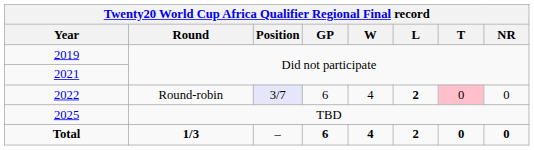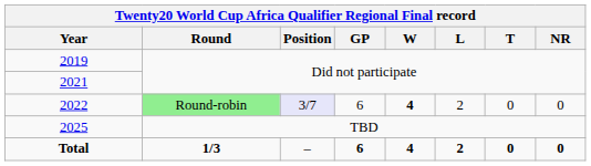 <table class="wikitable" style="text-align: center; width=900px;">
 <tr>
 <th colspan=9><a href='#'>Twenty20 World Cup Africa Qualifier Regional Final</a> record</th>
 </tr>
 <tr>
 <th width=150>Year</th>
 <th width=150>Round</th>
 <th width=50>Position</th>
 <th width=50>GP</th>
 <th width=50>W</th>
 <th width=50>L</th>
 <th width=50>T</th>
 <th width=50>NR</th>
 </tr>
 <tr>
 <td> <a href='#'>2019</a></td>
 <td rowspan=2 colspan=8>Did not participate</td>
 </tr>
 <tr>
 <td> <a href='#'>2021</a></td>
 </tr>
 <tr>
 <td> <a href='#'>2022</a></td>
-<td>Round-robin</td>
+<td style="background: lightgreen;">Round-robin</td>
 <td style="background: lavender;">3/7</td>
 <td>6</td>
-<td>4</td>
-<td><strong>2</strong></td>
-<td style="background: pink;">0</td>
+<td><strong>4</strong></td>
+<td>2</td>
+<td>0</td>
 <td>0</td>
 </tr>
 <tr>
 <td> <a href='#'>2025</a></td>
 <td rowspan=1 colspan=8>TBD</td>
 </tr>
 <tr>
 <td><strong>Total</strong></td>
 <td><strong>1/3</strong></td>
 <td>–</td>
 <td><strong>6</strong></td>
 <td><strong>4</strong></td>
 <td><strong>2</strong></td>
 <td><strong>0</strong></td>
 <td><strong>0</strong></td>
 </tr>
 </table>
